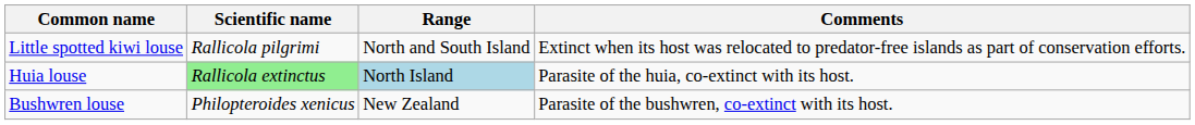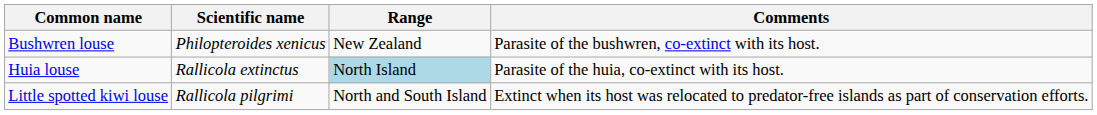 <table class="wikitable">
 <tr>
 <th>Common name</th>
 <th>Scientific name</th>
 <th>Range</th>
 <th class="unsortable">Comments</th>
 </tr>
 <tr>
+<td><a href='#'>Bushwren louse</a></td>
+<td><em>Philopteroides xenicus</em></td>
+<td>New Zealand</td>
+<td>Parasite of the bushwren, <a href='#'>co-extinct</a> with its host.</td>
+</tr>
+<tr>
+<td><a href='#'>Huia louse</a></td>
+<td><em>Rallicola extinctus</em></td>
+<td style="background: lightblue;">North Island</td>
+<td>Parasite of the huia, co-extinct with its host.</td>
+</tr>
+<tr>
 <td><a href='#'>Little spotted kiwi louse</a></td>
 <td><em>Rallicola pilgrimi</em></td>
 <td>North and South Island</td>
 <td>Extinct when its host was relocated to predator-free islands as part of conservation efforts.</td>
 </tr>
-<tr>
-<td><a href='#'>Huia louse</a></td>
-<td style="background: lightgreen;"><em>Rallicola extinctus</em></td>
-<td style="background: lightblue;">North Island</td>
-<td>Parasite of the huia, co-extinct with its host.</td>
-</tr>
-<tr>
-<td><a href='#'>Bushwren louse</a></td>
-<td><em>Philopteroides xenicus</em></td>
-<td>New Zealand</td>
-<td>Parasite of the bushwren, <a href='#'>co-extinct</a> with its host.</td>
-</tr>
 </table>
